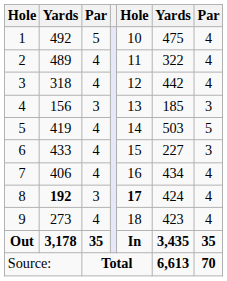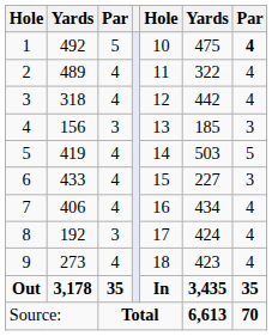 <table class="wikitable" style="text-align:center;">
 <tr>
 <th>Hole</th>
 <th>Yards</th>
 <th>Par</th>
 <th></th>
 <th>Hole</th>
 <th>Yards</th>
 <th>Par</th>
 </tr>
 <tr>
 <td>1</td>
 <td>492</td>
 <td>5</td>
 <td rowspan="10" style="background:#E6E8FA;"></td>
 <td>10</td>
 <td>475</td>
-<td>4</td>
+<td><strong>4</strong></td>
 </tr>
 <tr>
 <td>2</td>
 <td>489</td>
 <td>4</td>
 <td>11</td>
 <td>322</td>
 <td>4</td>
 </tr>
 <tr>
 <td>3</td>
 <td>318</td>
 <td>4</td>
 <td>12</td>
 <td>442</td>
 <td>4</td>
 </tr>
 <tr>
 <td>4</td>
 <td>156</td>
 <td>3</td>
 <td>13</td>
 <td>185</td>
 <td>3</td>
 </tr>
 <tr>
 <td>5</td>
 <td>419</td>
 <td>4</td>
 <td>14</td>
 <td>503</td>
 <td>5</td>
 </tr>
 <tr>
 <td>6</td>
 <td>433</td>
 <td>4</td>
 <td>15</td>
 <td>227</td>
 <td>3</td>
 </tr>
 <tr>
 <td>7</td>
 <td>406</td>
 <td>4</td>
 <td>16</td>
 <td>434</td>
 <td>4</td>
 </tr>
 <tr>
 <td>8</td>
-<td><strong>192</strong></td>
+<td>192</td>
 <td>3</td>
-<td><strong>17</strong></td>
+<td>17</td>
 <td>424</td>
 <td>4</td>
 </tr>
 <tr>
 <td>9</td>
 <td>273</td>
 <td>4</td>
 <td>18</td>
 <td>423</td>
 <td>4</td>
 </tr>
 <tr>
 <td><strong>Out</strong></td>
 <td><strong>3,178</strong></td>
 <td><strong>35</strong></td>
 <td><strong>In</strong></td>
 <td><strong>3,435</strong></td>
 <td><strong>35</strong></td>
 </tr>
 <tr>
 <td colspan="2" style="text-align:left;">Source:</td>
 <td colspan="3"><strong>Total</strong></td>
 <td><strong>6,613</strong></td>
 <td><strong>70</strong></td>
 </tr>
 </table>
